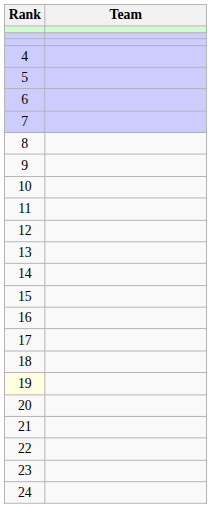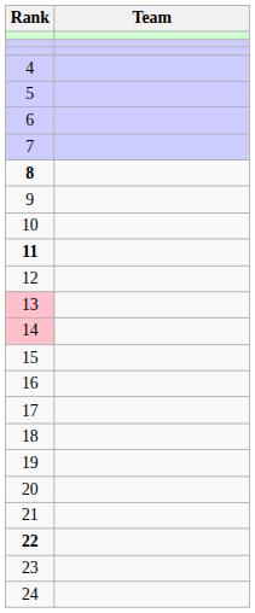 <table class="wikitable">
 <tr>
 <th width=40>Rank</th>
 <th width=180>Team</th>
 </tr>
 <tr bgcolor=ccffcc>
 <td align=center></td>
 <td></td>
 </tr>
 <tr bgcolor=ccccff>
 <td align=center></td>
 <td></td>
 </tr>
 <tr bgcolor=ccccff>
 <td align=center></td>
 <td></td>
 </tr>
 <tr bgcolor=ccccff>
 <td align=center>4</td>
 <td></td>
 </tr>
 <tr bgcolor=ccccff>
 <td align=center>5</td>
 <td></td>
 </tr>
 <tr bgcolor=ccccff>
 <td align=center>6</td>
 <td></td>
 </tr>
 <tr bgcolor=ccccff>
 <td align=center>7</td>
 <td></td>
 </tr>
 <tr>
-<td align=center>8</td>
+<td align=center><strong>8</strong></td>
 <td></td>
 </tr>
 <tr>
 <td align=center>9</td>
 <td></td>
 </tr>
 <tr>
 <td align=center>10</td>
 <td></td>
 </tr>
 <tr>
-<td align=center>11</td>
+<td align=center><strong>11</strong></td>
 <td></td>
 </tr>
 <tr>
 <td align=center>12</td>
 <td></td>
 </tr>
 <tr>
-<td align=center>13</td>
+<td align=center style="background: pink;">13</td>
 <td></td>
 </tr>
 <tr>
-<td align=center>14</td>
+<td align=center style="background: pink;">14</td>
 <td></td>
 </tr>
 <tr>
 <td align=center>15</td>
 <td></td>
 </tr>
 <tr>
 <td align=center>16</td>
 <td></td>
 </tr>
 <tr>
 <td align=center>17</td>
 <td></td>
 </tr>
 <tr>
 <td align=center>18</td>
 <td></td>
 </tr>
 <tr>
-<td align=center style="background: lightyellow;">19</td>
+<td align=center>19</td>
 <td></td>
 </tr>
 <tr>
 <td align=center>20</td>
 <td></td>
 </tr>
 <tr>
 <td align=center>21</td>
 <td></td>
 </tr>
 <tr>
-<td align=center>22</td>
+<td align=center><strong>22</strong></td>
 <td></td>
 </tr>
 <tr>
 <td align=center>23</td>
 <td></td>
 </tr>
 <tr>
 <td align=center>24</td>
 <td></td>
 </tr>
 </table>
